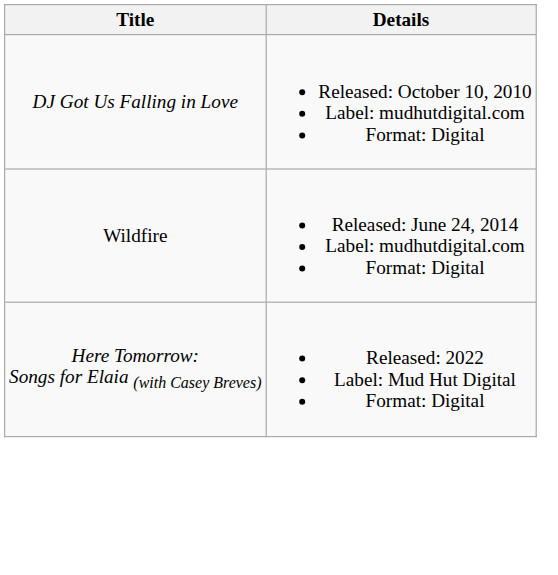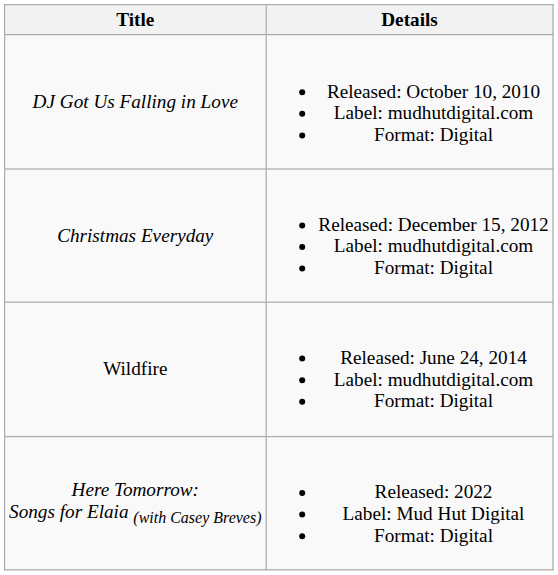 <table class="wikitable plainrowheaders" style="text-align:center;">
 <tr>
 <th>Title</th>
 <th>Details</th>
 </tr>
 <tr>
 <td><em>DJ Got Us Falling in Love</em></td>
 <td><br><ul><li>Released: October 10, 2010</li><li>Label: mudhutdigital.com</li><li>Format: Digital</li></ul></td>
 </tr>
 <tr>
+<td><em>Christmas Everyday</em></td>
+<td><br><ul><li>Released: December 15, 2012</li><li>Label: mudhutdigital.com</li><li>Format: Digital</li></ul></td>
+</tr>
+<tr>
 <td>Wildfire</td>
 <td><br><ul><li>Released: June 24, 2014</li><li>Label: mudhutdigital.com</li><li>Format: Digital</li></ul></td>
 </tr>
 <tr>
 <td><em>Here Tomorrow:</em><br><em>Songs for Elaia</em> <em><sub>(with Casey Breves)</sub></em></td>
 <td><br><ul><li>Released: 2022</li><li>Label: Mud Hut Digital</li><li>Format: Digital</li></ul></td>
 </tr>
 </table>
